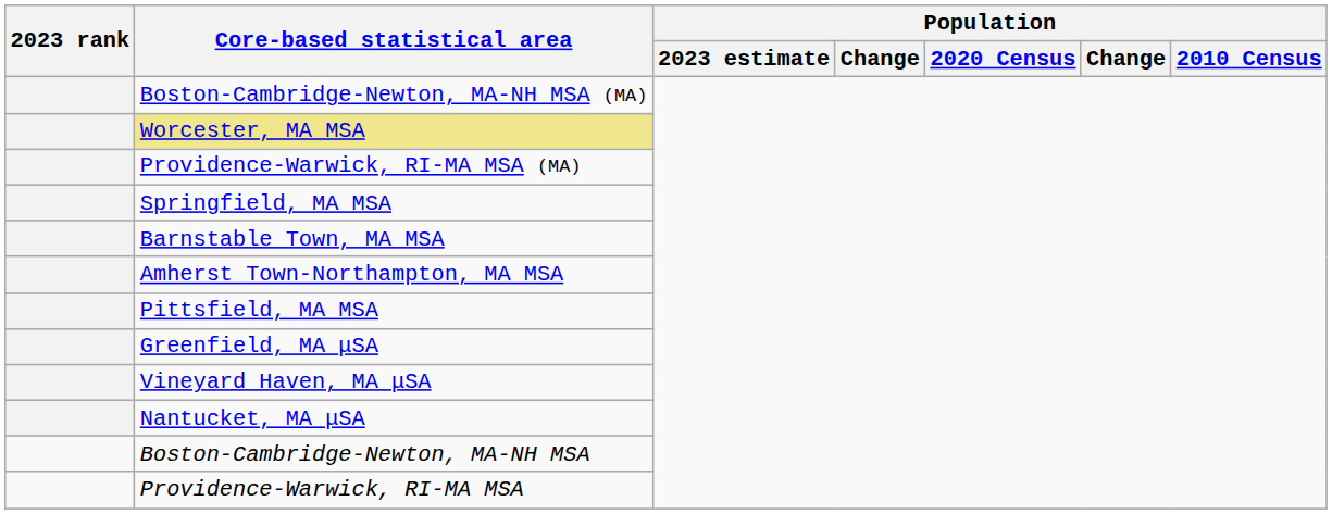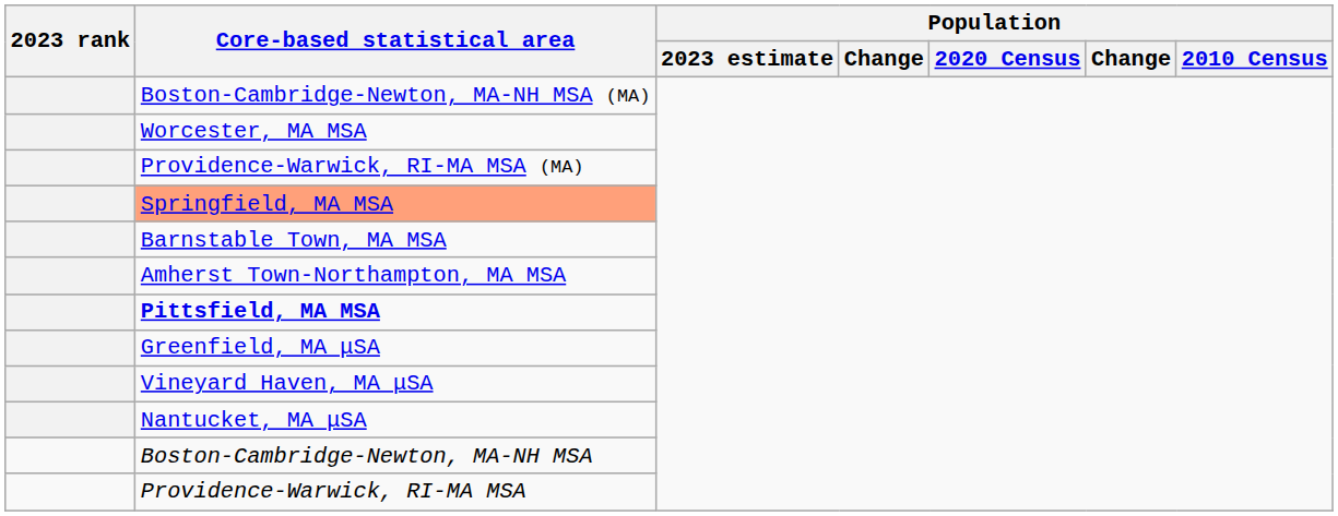 <table class="wikitable sortable">
 <tr>
 <th scope=col rowspan=2>2023 rank</th>
 <th scope=col rowspan=2><a href='#'>Core-based statistical area</a></th>
 <th colspan=5>Population</th>
 </tr>
 <tr>
 <th scope=col>2023 estimate</th>
 <th scope=col>Change</th>
 <th scope=col><a href='#'>2020 Census</a></th>
 <th scope=col>Change</th>
 <th scope=col><a href='#'>2010 Census</a></th>
 </tr>
 <tr>
 <th scope=row></th>
 <td><a href='#'>Boston-Cambridge-Newton, MA-NH MSA</a> <small>(MA)</small><br></td>
 </tr>
 <tr>
 <th scope=row></th>
-<td style="background: khaki;"><a href='#'>Worcester, MA MSA</a><br></td>
+<td><a href='#'>Worcester, MA MSA</a><br></td>
 </tr>
 <tr>
 <th scope=row></th>
 <td><a href='#'>Providence-Warwick, RI-MA MSA</a> <small>(MA)</small><br></td>
 </tr>
 <tr>
 <th scope=row></th>
-<td><a href='#'>Springfield, MA MSA</a><br></td>
+<td style="background: lightsalmon;"><a href='#'>Springfield, MA MSA</a><br></td>
 </tr>
 <tr>
 <th scope=row></th>
 <td><a href='#'>Barnstable Town, MA MSA</a><br></td>
 </tr>
 <tr>
 <th scope=row></th>
 <td><a href='#'>Amherst Town-Northampton, MA MSA</a><br></td>
 </tr>
 <tr>
 <th scope=row></th>
-<td><a href='#'>Pittsfield, MA MSA</a><br></td>
+<td><strong><a href='#'>Pittsfield, MA MSA</a><br></strong></td>
 </tr>
 <tr>
 <th scope=row></th>
 <td><a href='#'>Greenfield, MA μSA</a><br></td>
 </tr>
 <tr>
 <th scope=row></th>
 <td><a href='#'>Vineyard Haven, MA μSA</a><br></td>
 </tr>
 <tr>
 <th scope=row></th>
 <td><a href='#'>Nantucket, MA μSA</a><br></td>
 </tr>
 <tr>
 <td></td>
 <td><em><span>Boston-Cambridge-Newton, MA-NH MSA</span></em><br></td>
 </tr>
 <tr>
 <td></td>
 <td><em><span>Providence-Warwick, RI-MA MSA</span></em><br></td>
 </tr>
 </table>
